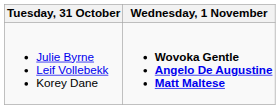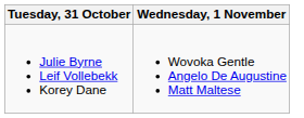 <table class="wikitable">
 <tr>
 <th>Tuesday, 31 October</th>
 <th>Wednesday, 1 November</th>
 </tr>
 <tr valign="top">
 <td><br><ul><li><a href='#'>Julie Byrne</a></li><li><a href='#'>Leif Vollebekk</a></li><li>Korey Dane</li></ul></td>
-<td><strong><br><ul><li>Wovoka Gentle</li><li><a href='#'>Angelo De Augustine</a></li><li><a href='#'>Matt Maltese</a></li></ul></strong></td>
+<td><br><ul><li>Wovoka Gentle</li><li><a href='#'>Angelo De Augustine</a></li><li><a href='#'>Matt Maltese</a></li></ul></td>
 </tr>
 </table>
